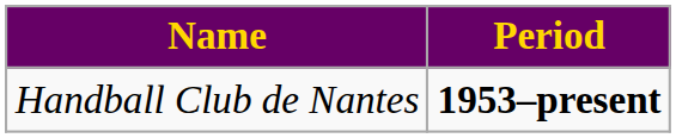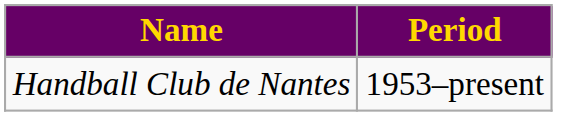 <table class="wikitable" style="text-align: left">
 <tr>
 <th style="color:#FFD800; background:#660066">Name</th>
 <th style="color:#FFD800; background:#660066">Period</th>
 </tr>
 <tr>
 <td align=left><em>Handball Club de Nantes</em></td>
-<td><strong>1953–present</strong></td>
+<td>1953–present</td>
 </tr>
 </table>
